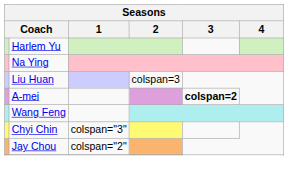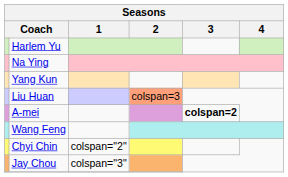 <table class="wikitable">
 <tr>
 <th colspan=6>Seasons</th>
 </tr>
 <tr>
 <th colspan="2">Coach</th>
 <th ! width="60">1</th>
 <th width="60">2</th>
 <th width="60">3</th>
 <th width="60”">4</th>
 </tr>
 <tr>
 <td style="background:#d0f0c0"></td>
 <td><a href='#'>Harlem Yu</a></td>
 <td colspan="2" bgcolor="#d0f0c0"></td>
 <td></td>
 <td bgcolor="#d0f0c0"></td>
 </tr>
 <tr>
 <td style="background:pink"></td>
 <td><a href='#'>Na Ying</a></td>
 <td colspan="4" bgcolor="Pink"></td>
 </tr>
 <tr>
+<td style="background:#ffe5b4"></td>
+<td><a href='#'>Yang Kun</a></td>
+<td colspan="1" bgcolor="#ffe5b4"></td>
+<td></td>
+<td bgcolor="#ffe5b4"></td>
+<td></td>
+</tr>
+<tr>
 <td style="background:#ccf"></td>
 <td><a href='#'>Liu Huan</a></td>
 <td colspan="1" bgcolor="#ccf"></td>
-<td>colspan=3 </td>
+<td style="background: lightsalmon;">colspan=3 </td>
 </tr>
 <tr>
 <td style="background:#dda0dd"></td>
 <td><a href='#'>A-mei</a></td>
 <td></td>
 <td colspan="1" bgcolor="#dda0dd"></td>
 <td><strong>colspan=2 </strong></td>
 </tr>
 <tr>
 <td style="background:#afeeee"></td>
 <td><a href='#'>Wang Feng</a></td>
 <td></td>
 <td colspan="3" bgcolor="#afeeee"></td>
 </tr>
 <tr>
 <td style="background:#fffa73"></td>
 <td><a href='#'>Chyi Chin</a></td>
-<td>colspan="3" </td>
+<td>colspan="2" </td>
 <td colspan="1" bgcolor="#fffa73"></td>
 <td></td>
 </tr>
 <tr>
 <td style="background:#fbb46e"></td>
 <td><a href='#'>Jay Chou</a></td>
-<td>colspan="2" </td>
+<td>colspan="3" </td>
 <td colspan="1" bgcolor="#fbb46e"></td>
 </tr>
 <tr>
 </tr>
 </table>
